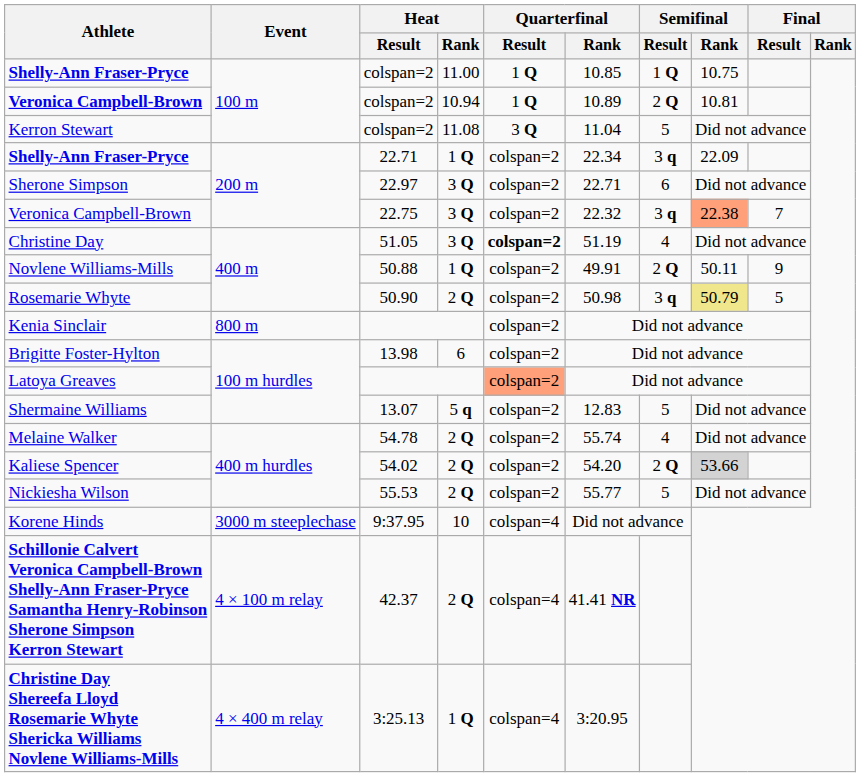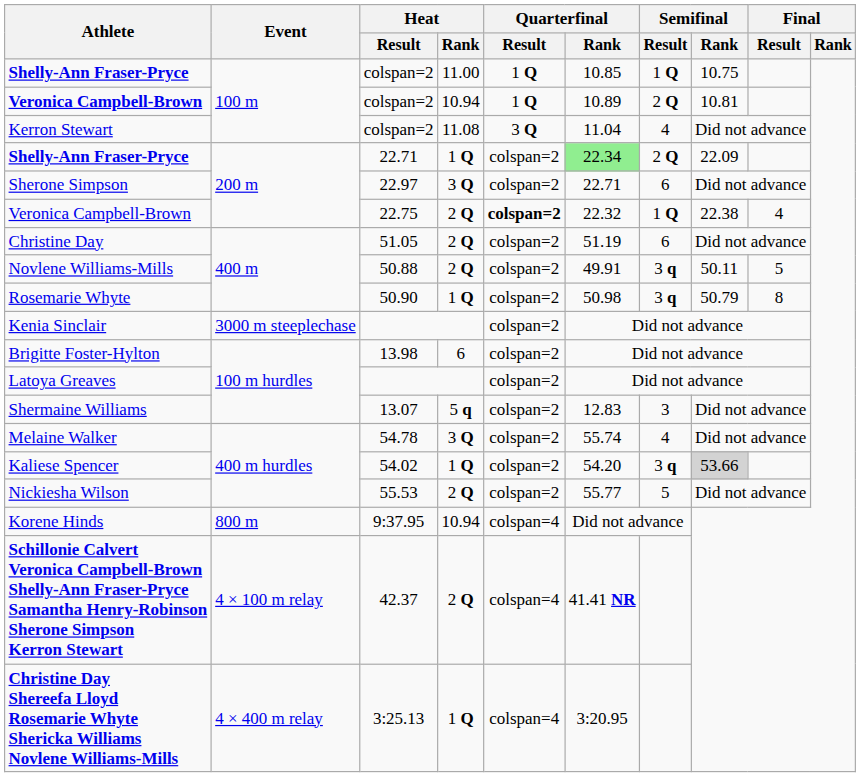 <table class="wikitable" style="font-size:90%">
 <tr>
 <th rowspan="2">Athlete</th>
 <th rowspan="2">Event</th>
 <th colspan="2">Heat</th>
 <th colspan="2">Quarterfinal</th>
 <th colspan="2">Semifinal</th>
 <th colspan="2">Final</th>
 </tr>
 <tr style="font-size:95%">
 <th>Result</th>
 <th>Rank</th>
 <th>Result</th>
 <th>Rank</th>
 <th>Result</th>
 <th>Rank</th>
 <th>Result</th>
 <th>Rank</th>
 </tr>
 <tr align=center>
 <td align=left><strong><a href='#'>Shelly-Ann Fraser-Pryce</a></strong></td>
 <td align=left rowspan=3><a href='#'>100 m</a></td>
 <td>colspan=2 </td>
 <td>11.00</td>
 <td>1 <strong>Q</strong></td>
 <td>10.85</td>
 <td>1 <strong>Q</strong></td>
 <td>10.75</td>
 <td></td>
 </tr>
 <tr align=center>
 <td align=left><strong><a href='#'>Veronica Campbell-Brown</a></strong></td>
 <td>colspan=2 </td>
 <td>10.94</td>
 <td>1 <strong>Q</strong></td>
 <td>10.89</td>
 <td>2 <strong>Q</strong></td>
 <td>10.81</td>
 <td></td>
 </tr>
 <tr align=center>
 <td align=left><a href='#'>Kerron Stewart</a></td>
 <td>colspan=2 </td>
 <td>11.08</td>
 <td>3 <strong>Q</strong></td>
 <td>11.04</td>
-<td>5</td>
+<td>4</td>
 <td colspan=2>Did not advance</td>
 </tr>
 <tr align=center>
 <td align=left><strong><a href='#'>Shelly-Ann Fraser-Pryce</a></strong></td>
 <td align=left rowspan=3><a href='#'>200 m</a></td>
 <td>22.71</td>
 <td>1 <strong>Q</strong></td>
 <td>colspan=2 </td>
-<td>22.34</td>
-<td>3 <strong>q</strong></td>
+<td style="background: lightgreen;">22.34</td>
+<td>2 <strong>Q</strong></td>
 <td>22.09</td>
 <td></td>
 </tr>
 <tr align=center>
 <td align=left><a href='#'>Sherone Simpson</a></td>
 <td>22.97</td>
 <td>3 <strong>Q</strong></td>
 <td>colspan=2 </td>
 <td>22.71</td>
 <td>6</td>
 <td colspan=2>Did not advance</td>
 </tr>
 <tr align=center>
 <td align=left><a href='#'>Veronica Campbell-Brown</a></td>
 <td>22.75</td>
-<td>3 <strong>Q</strong></td>
-<td>colspan=2 </td>
+<td>2 <strong>Q</strong></td>
+<td><strong>colspan=2 </strong></td>
 <td>22.32</td>
-<td>3 <strong>q</strong></td>
-<td style="background: lightsalmon;">22.38</td>
-<td>7</td>
+<td>1 <strong>Q</strong></td>
+<td>22.38</td>
+<td>4</td>
 </tr>
 <tr align=center>
 <td align=left><a href='#'>Christine Day</a></td>
 <td align=left rowspan=3><a href='#'>400 m</a></td>
 <td>51.05</td>
-<td>3 <strong>Q</strong></td>
-<td><strong>colspan=2 </strong></td>
+<td>2 <strong>Q</strong></td>
+<td>colspan=2 </td>
 <td>51.19</td>
-<td>4</td>
+<td>6</td>
 <td colspan=2>Did not advance</td>
 </tr>
 <tr align=center>
 <td align=left><a href='#'>Novlene Williams-Mills</a></td>
 <td>50.88</td>
-<td>1 <strong>Q</strong></td>
+<td>2 <strong>Q</strong></td>
 <td>colspan=2 </td>
 <td>49.91</td>
-<td>2 <strong>Q</strong></td>
+<td>3 <strong>q</strong></td>
 <td>50.11</td>
-<td>9</td>
+<td>5</td>
 </tr>
 <tr align=center>
 <td align=left><a href='#'>Rosemarie Whyte</a></td>
 <td>50.90</td>
-<td>2 <strong>Q</strong></td>
+<td>1 <strong>Q</strong></td>
 <td>colspan=2 </td>
 <td>50.98</td>
 <td>3 <strong>q</strong></td>
-<td style="background: khaki;">50.79</td>
-<td>5</td>
+<td>50.79</td>
+<td>8</td>
 </tr>
 <tr align=center>
 <td align=left><a href='#'>Kenia Sinclair</a></td>
-<td align=left><a href='#'>800 m</a></td>
+<td align=left><a href='#'>3000 m steeplechase</a></td>
 <td colspan=2></td>
 <td>colspan=2 </td>
 <td colspan=4>Did not advance</td>
 </tr>
 <tr align=center>
 <td align=left><a href='#'>Brigitte Foster-Hylton</a></td>
 <td align=left rowspan=3><a href='#'>100 m hurdles</a></td>
 <td>13.98</td>
 <td>6</td>
 <td>colspan=2 </td>
 <td colspan=4>Did not advance</td>
 </tr>
 <tr align=center>
 <td align=left><a href='#'>Latoya Greaves</a></td>
 <td colspan=2></td>
-<td style="background: lightsalmon;">colspan=2 </td>
+<td>colspan=2 </td>
 <td colspan=4>Did not advance</td>
 </tr>
 <tr align=center>
 <td align=left><a href='#'>Shermaine Williams</a></td>
 <td>13.07</td>
 <td>5 <strong>q</strong></td>
 <td>colspan=2 </td>
 <td>12.83</td>
-<td>5</td>
+<td>3</td>
 <td colspan=2>Did not advance</td>
 </tr>
 <tr align=center>
 <td align=left><a href='#'>Melaine Walker</a></td>
 <td align=left rowspan=3><a href='#'>400 m hurdles</a></td>
 <td>54.78</td>
-<td>2 <strong>Q</strong></td>
+<td>3 <strong>Q</strong></td>
 <td>colspan=2 </td>
 <td>55.74</td>
 <td>4</td>
 <td colspan=2>Did not advance</td>
 </tr>
 <tr align=center>
 <td align=left><a href='#'>Kaliese Spencer</a></td>
 <td>54.02</td>
-<td>2 <strong>Q</strong></td>
+<td>1 <strong>Q</strong></td>
 <td>colspan=2 </td>
 <td>54.20</td>
-<td>2 <strong>Q</strong></td>
+<td>3 <strong>q</strong></td>
 <td style="background: lightgrey;">53.66</td>
 <td></td>
 </tr>
 <tr align=center>
 <td align=left><a href='#'>Nickiesha Wilson</a></td>
 <td>55.53</td>
 <td>2 <strong>Q</strong></td>
 <td>colspan=2 </td>
 <td>55.77</td>
 <td>5</td>
 <td colspan=2>Did not advance</td>
 </tr>
 <tr align=center>
 <td align=left><a href='#'>Korene Hinds</a></td>
-<td align=left><a href='#'>3000 m steeplechase</a></td>
+<td align=left><a href='#'>800 m</a></td>
 <td>9:37.95</td>
-<td>10</td>
+<td>10.94</td>
 <td>colspan=4 </td>
 <td colspan=2>Did not advance</td>
 </tr>
 <tr align=center>
 <td align=left><strong><a href='#'>Schillonie Calvert</a><br><a href='#'>Veronica Campbell-Brown</a><br><a href='#'>Shelly-Ann Fraser-Pryce</a><br><a href='#'>Samantha Henry-Robinson</a><br><a href='#'>Sherone Simpson</a><br><a href='#'>Kerron Stewart</a></strong></td>
 <td align=left><a href='#'>4 × 100 m relay</a></td>
 <td>42.37</td>
 <td>2 <strong>Q</strong></td>
 <td>colspan=4 </td>
 <td>41.41 <strong><a href='#'>NR</a></strong></td>
 <td></td>
 </tr>
 <tr align=center>
 <td align=left><strong><a href='#'>Christine Day</a><br><a href='#'>Shereefa Lloyd</a><br><a href='#'>Rosemarie Whyte</a><br><a href='#'>Shericka Williams</a><br><a href='#'>Novlene Williams-Mills</a></strong></td>
 <td align=left><a href='#'>4 × 400 m relay</a></td>
 <td>3:25.13</td>
 <td>1 <strong>Q</strong></td>
 <td>colspan=4 </td>
 <td>3:20.95</td>
 <td></td>
 </tr>
 </table>
